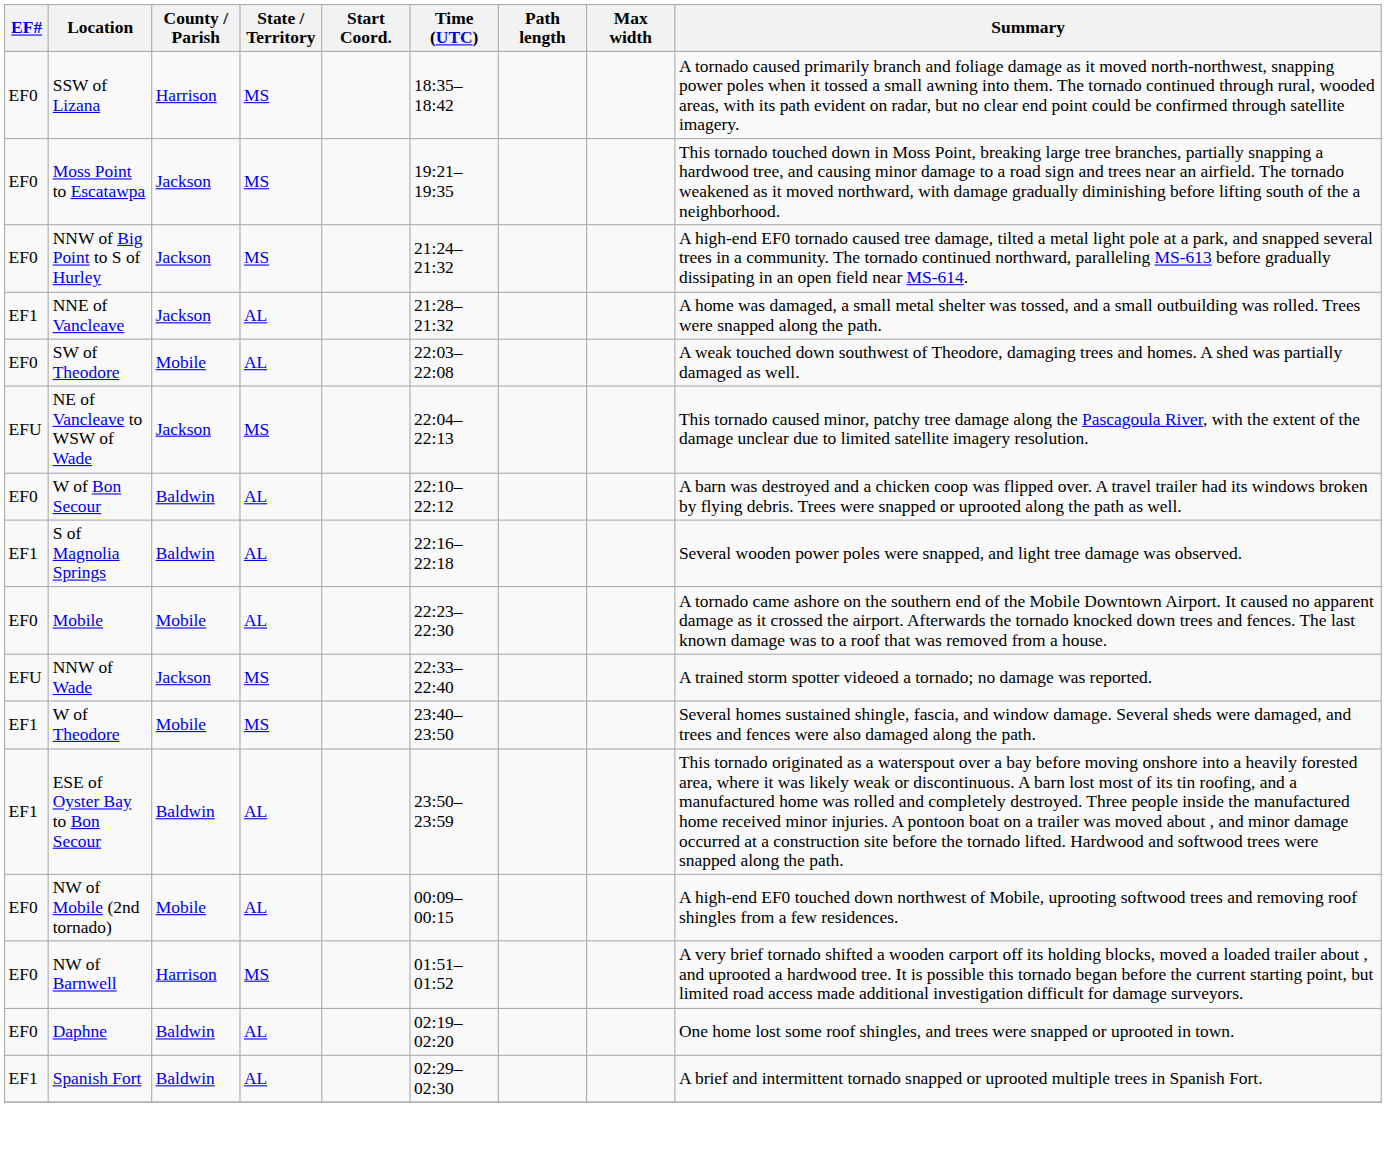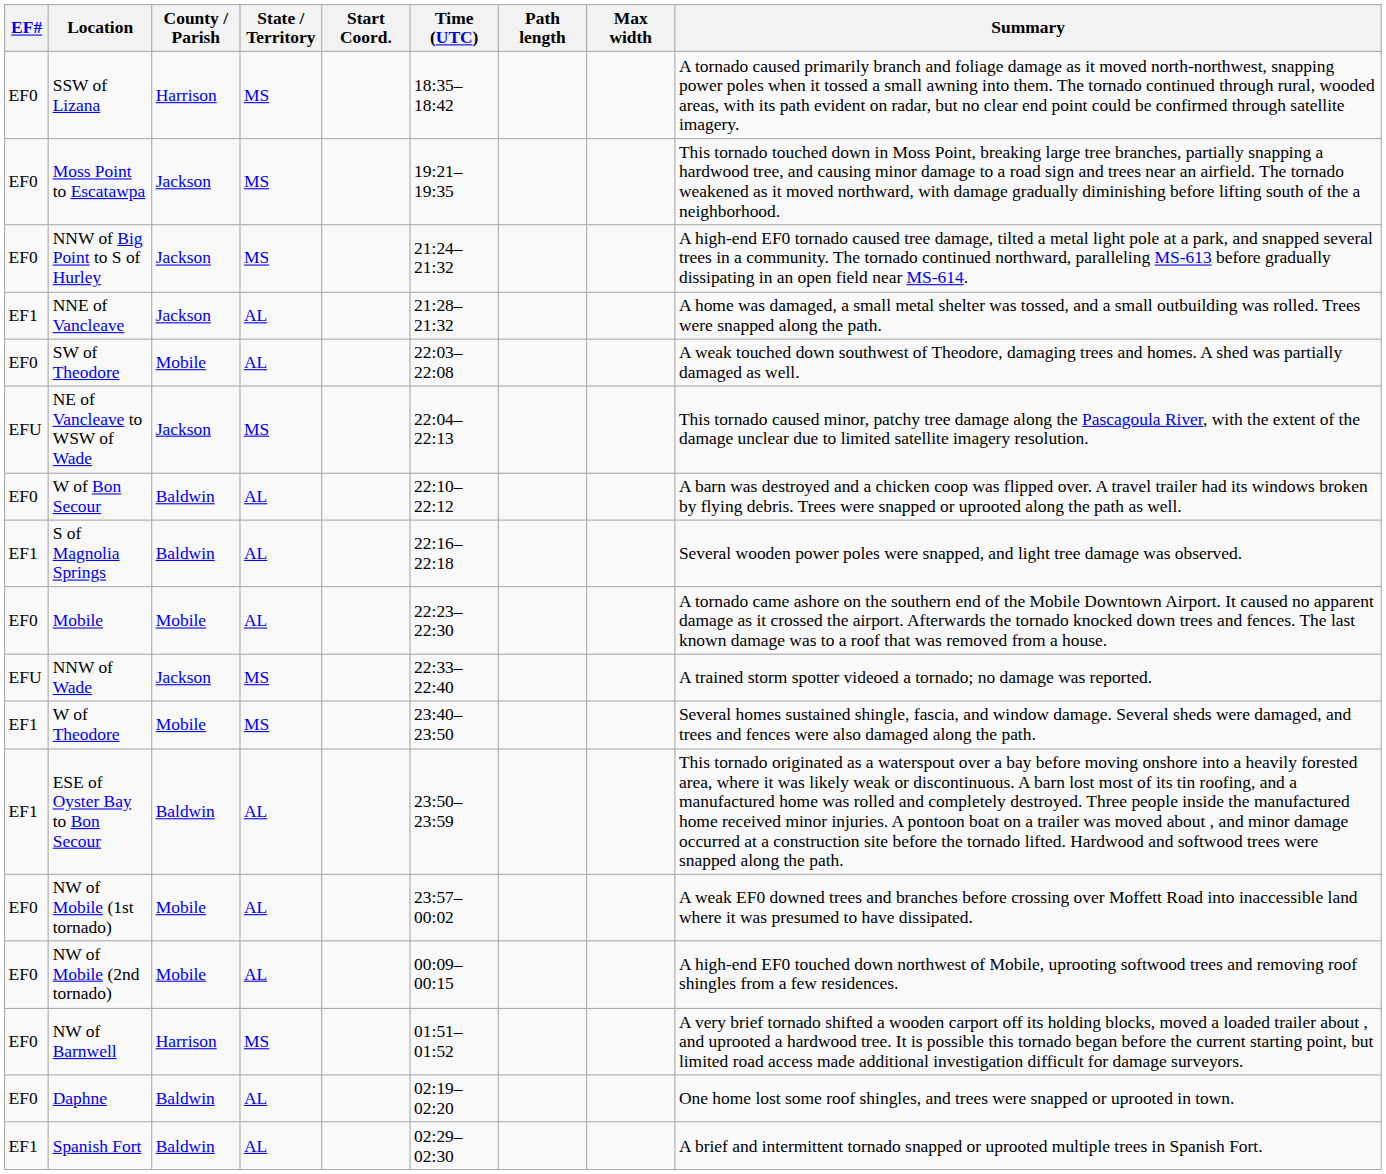 <table class="wikitable sortable" style="width:100%;">
 <tr>
 <th scope="col"  style="width:3%; text-align:center;"><a href='#'>EF#</a></th>
 <th scope="col"  style="width:7%; text-align:center;" class="unsortable">Location</th>
 <th scope="col"  style="width:6%; text-align:center;" class="unsortable">County / Parish</th>
 <th scope="col"  style="width:5%; text-align:center;">State / Territory</th>
 <th scope="col"  style="width:6%; text-align:center;">Start Coord.</th>
 <th scope="col"  style="width:6%; text-align:center;">Time (<a href='#'>UTC</a>)</th>
 <th scope="col"  style="width:6%; text-align:center;">Path length</th>
 <th scope="col"  style="width:6%; text-align:center;">Max width</th>
 <th scope="col" class="unsortable" style="width:48%; text-align:center;">Summary</th>
 </tr>
 <tr>
 <td>EF0</td>
 <td>SSW of <a href='#'>Lizana</a></td>
 <td><a href='#'>Harrison</a></td>
 <td><a href='#'>MS</a></td>
 <td></td>
 <td>18:35–18:42</td>
 <td></td>
 <td></td>
 <td>A tornado caused primarily branch and foliage damage as it moved north-northwest, snapping power poles when it tossed a small awning into them. The tornado continued through rural, wooded areas, with its path evident on radar, but no clear end point could be confirmed through satellite imagery.</td>
 </tr>
 <tr>
 <td>EF0</td>
 <td><a href='#'>Moss Point</a> to <a href='#'>Escatawpa</a></td>
 <td><a href='#'>Jackson</a></td>
 <td><a href='#'>MS</a></td>
 <td></td>
 <td>19:21–19:35</td>
 <td></td>
 <td></td>
 <td>This tornado touched down in Moss Point, breaking large tree branches, partially snapping a hardwood tree, and causing minor damage to a road sign and trees near an airfield. The tornado weakened as it moved northward, with damage gradually diminishing before lifting south of the a neighborhood.</td>
 </tr>
 <tr>
 <td>EF0</td>
 <td>NNW of <a href='#'>Big Point</a> to S of <a href='#'>Hurley</a></td>
 <td><a href='#'>Jackson</a></td>
 <td><a href='#'>MS</a></td>
 <td></td>
 <td>21:24–21:32</td>
 <td></td>
 <td></td>
 <td>A high-end EF0 tornado caused tree damage, tilted a metal light pole at a park, and snapped several trees in a community. The tornado continued northward, paralleling <a href='#'>MS-613</a> before gradually dissipating in an open field near <a href='#'>MS-614</a>.</td>
 </tr>
 <tr>
 <td>EF1</td>
 <td>NNE of <a href='#'>Vancleave</a></td>
 <td><a href='#'>Jackson</a></td>
 <td><a href='#'>AL</a></td>
 <td></td>
 <td>21:28–21:32</td>
 <td></td>
 <td></td>
 <td>A home was damaged, a small metal shelter was tossed, and a small outbuilding was rolled. Trees were snapped along the path.</td>
 </tr>
 <tr>
 <td>EF0</td>
 <td>SW of <a href='#'>Theodore</a></td>
 <td><a href='#'>Mobile</a></td>
 <td><a href='#'>AL</a></td>
 <td></td>
 <td>22:03–22:08</td>
 <td></td>
 <td></td>
 <td>A weak touched down southwest of Theodore, damaging trees and homes. A shed was partially damaged as well.</td>
 </tr>
 <tr>
 <td>EFU</td>
 <td>NE of <a href='#'>Vancleave</a> to WSW of <a href='#'>Wade</a></td>
 <td><a href='#'>Jackson</a></td>
 <td><a href='#'>MS</a></td>
 <td></td>
 <td>22:04–22:13</td>
 <td></td>
 <td></td>
 <td>This tornado caused minor, patchy tree damage along the <a href='#'>Pascagoula River</a>, with the extent of the damage unclear due to limited satellite imagery resolution.</td>
 </tr>
 <tr>
 <td>EF0</td>
 <td>W of <a href='#'>Bon Secour</a></td>
 <td><a href='#'>Baldwin</a></td>
 <td><a href='#'>AL</a></td>
 <td></td>
 <td>22:10–22:12</td>
 <td></td>
 <td></td>
 <td>A barn was destroyed and a chicken coop was flipped over. A travel trailer had its windows broken by flying debris. Trees were snapped or uprooted along the path as well.</td>
 </tr>
 <tr>
 <td>EF1</td>
 <td>S of <a href='#'>Magnolia Springs</a></td>
 <td><a href='#'>Baldwin</a></td>
 <td><a href='#'>AL</a></td>
 <td></td>
 <td>22:16–22:18</td>
 <td></td>
 <td></td>
 <td>Several wooden power poles were snapped, and light tree damage was observed.</td>
 </tr>
 <tr>
 <td>EF0</td>
 <td><a href='#'>Mobile</a></td>
 <td><a href='#'>Mobile</a></td>
 <td><a href='#'>AL</a></td>
 <td></td>
 <td>22:23–22:30</td>
 <td></td>
 <td></td>
 <td>A tornado came ashore on the southern end of the Mobile Downtown Airport. It caused no apparent damage as it crossed the airport. Afterwards the tornado knocked down trees and fences. The last known damage was to a roof that was removed from a house.</td>
 </tr>
 <tr>
 <td>EFU</td>
 <td>NNW of <a href='#'>Wade</a></td>
 <td><a href='#'>Jackson</a></td>
 <td><a href='#'>MS</a></td>
 <td></td>
 <td>22:33–22:40</td>
 <td></td>
 <td></td>
 <td>A trained storm spotter videoed a tornado; no damage was reported.</td>
 </tr>
 <tr>
 <td>EF1</td>
 <td>W of <a href='#'>Theodore</a></td>
 <td><a href='#'>Mobile</a></td>
 <td><a href='#'>MS</a></td>
 <td></td>
 <td>23:40–23:50</td>
 <td></td>
 <td></td>
 <td>Several homes sustained shingle, fascia, and window damage. Several sheds were damaged, and trees and fences were also damaged along the path.</td>
 </tr>
 <tr>
 <td>EF1</td>
 <td>ESE of <a href='#'>Oyster Bay</a> to <a href='#'>Bon Secour</a></td>
 <td><a href='#'>Baldwin</a></td>
 <td><a href='#'>AL</a></td>
 <td></td>
 <td>23:50–23:59</td>
 <td></td>
 <td></td>
 <td>This tornado originated as a waterspout over a bay before moving onshore into a heavily forested area, where it was likely weak or discontinuous. A barn lost most of its tin roofing, and a manufactured home was rolled and completely destroyed. Three people inside the manufactured home received minor injuries. A pontoon boat on a trailer was moved about , and minor damage occurred at a construction site before the tornado lifted. Hardwood and softwood trees were snapped along the path.</td>
 </tr>
 <tr>
 <td>EF0</td>
+<td>NW of <a href='#'>Mobile</a> (1st tornado)</td>
+<td><a href='#'>Mobile</a></td>
+<td><a href='#'>AL</a></td>
+<td></td>
+<td>23:57–00:02</td>
+<td></td>
+<td></td>
+<td>A weak EF0 downed trees and branches before crossing over Moffett Road into inaccessible land where it was presumed to have dissipated.</td>
+</tr>
+<tr>
+<td>EF0</td>
 <td>NW of <a href='#'>Mobile</a> (2nd tornado)</td>
 <td><a href='#'>Mobile</a></td>
 <td><a href='#'>AL</a></td>
 <td></td>
 <td>00:09–00:15</td>
 <td></td>
 <td></td>
 <td>A high-end EF0 touched down northwest of Mobile, uprooting softwood trees and removing roof shingles from a few residences.</td>
 </tr>
 <tr>
 <td>EF0</td>
 <td>NW of <a href='#'>Barnwell</a></td>
 <td><a href='#'>Harrison</a></td>
 <td><a href='#'>MS</a></td>
 <td></td>
 <td>01:51–01:52</td>
 <td></td>
 <td></td>
 <td>A very brief tornado shifted a wooden carport off its holding blocks, moved a loaded trailer about , and uprooted a hardwood tree. It is possible this tornado began before the current starting point, but limited road access made additional investigation difficult for damage surveyors.</td>
 </tr>
 <tr>
 <td>EF0</td>
 <td><a href='#'>Daphne</a></td>
 <td><a href='#'>Baldwin</a></td>
 <td><a href='#'>AL</a></td>
 <td></td>
 <td>02:19–02:20</td>
 <td></td>
 <td></td>
 <td>One home lost some roof shingles, and trees were snapped or uprooted in town.</td>
 </tr>
 <tr>
 <td>EF1</td>
 <td><a href='#'>Spanish Fort</a></td>
 <td><a href='#'>Baldwin</a></td>
 <td><a href='#'>AL</a></td>
 <td></td>
 <td>02:29–02:30</td>
 <td></td>
 <td></td>
 <td>A brief and intermittent tornado snapped or uprooted multiple trees in Spanish Fort.</td>
 </tr>
 <tr>
 </tr>
 </table>
